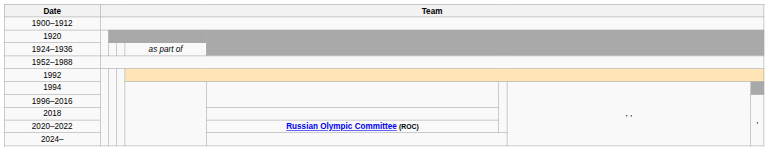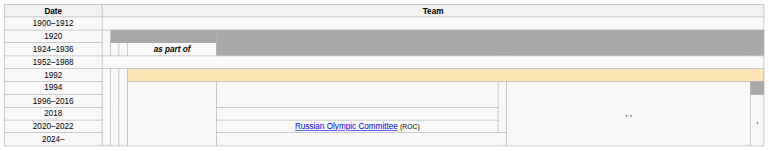 <table class="wikitable" style="text-align:center; font-size:85%; width:80%">
 <tr>
 <th>Date</th>
 <th colspan="8">Team</th>
 </tr>
 <tr>
 <td>1900–1912</td>
 <td colspan="8"></td>
 </tr>
 <tr>
 <td>1920</td>
 <td rowspan=2></td>
 <td colspan=3 style="background:darkgray"></td>
 <td colspan="5" rowspan="2" style="background:darkgray"></td>
 </tr>
 <tr>
 <td>1924–1936</td>
 <td></td>
 <td></td>
-<td><em>as part of </em></td>
+<td><strong><em>as part of </em></strong></td>
 </tr>
 <tr>
 <td>1952–1988</td>
 <td colspan="8"><strong></strong></td>
 </tr>
 <tr>
 <td>1992</td>
 <td rowspan="6"></td>
 <td rowspan="6"></td>
 <td rowspan="6"></td>
 <td colspan="5" style="background:moccasin"></td>
 </tr>
 <tr>
 <td>1994</td>
 <td rowspan=5></td>
 <td rowspan=2></td>
 <td rowspan="4"></td>
 <td rowspan="5" style="width:400px">, , </td>
 <td style="background:darkgray"></td>
 </tr>
 <tr>
 <td>1996–2016</td>
 <td rowspan="4">, </td>
 </tr>
 <tr>
 <td>2018</td>
 <td></td>
 </tr>
 <tr>
 <td>2020–2022</td>
-<td><strong> <a href='#'>Russian Olympic Committee</a> <small>(ROC)</small></strong></td>
+<td> <a href='#'>Russian Olympic Committee</a> <small>(ROC)</small></td>
 </tr>
 <tr>
 <td>2024–</td>
 <td colspan="2"></td>
 </tr>
 </table>
